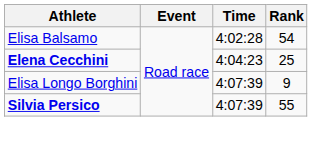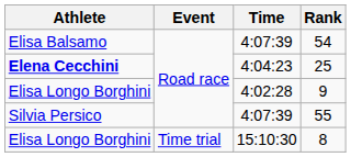 <table class=wikitable style=font-size:95%;text-align:center>
 <tr>
 <th>Athlete</th>
 <th>Event</th>
 <th>Time</th>
 <th>Rank</th>
 </tr>
 <tr align=center>
 <td align=left><a href='#'>Elisa Balsamo</a></td>
 <td align=center rowspan=4><a href='#'>Road race</a></td>
-<td>4:02:28</td>
+<td>4:07:39</td>
 <td>54</td>
 </tr>
 <tr align=center>
 <td align=left><strong><a href='#'>Elena Cecchini</a></strong></td>
 <td>4:04:23</td>
 <td>25</td>
 </tr>
 <tr align=center>
 <td align=left><a href='#'>Elisa Longo Borghini</a></td>
-<td>4:07:39</td>
+<td>4:02:28</td>
 <td>9</td>
 </tr>
 <tr align=center>
-<td align=left><strong><a href='#'>Silvia Persico</a></strong></td>
+<td align=left><a href='#'>Silvia Persico</a></td>
 <td>4:07:39</td>
 <td>55</td>
 </tr>
+<tr align=center>
+<td align=left><a href='#'>Elisa Longo Borghini</a></td>
+<td align=left><a href='#'>Time trial</a></td>
+<td>15:10:30</td>
+<td>8</td>
+</tr>
 </table>
